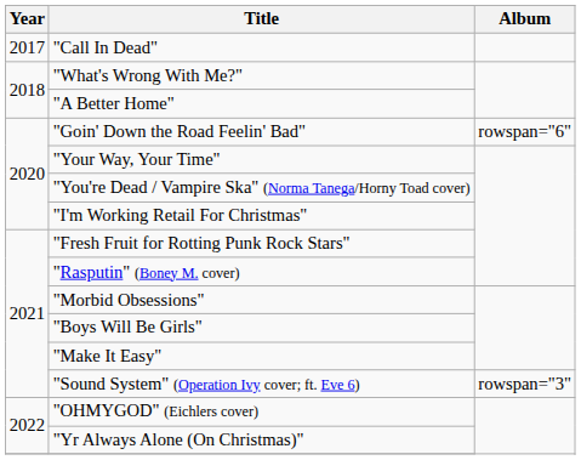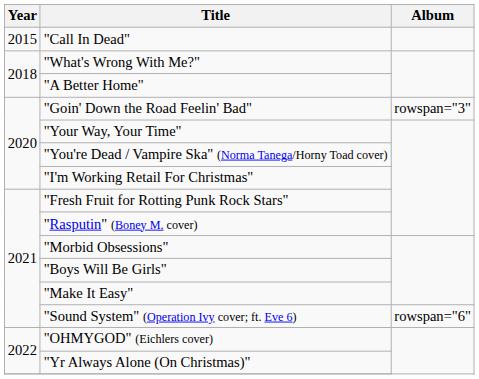 <table class="wikitable">
 <tr>
 <th>Year</th>
 <th>Title</th>
 <th>Album</th>
 </tr>
 <tr>
-<td>2017</td>
+<td>2015</td>
 <td>"Call In Dead"</td>
 <td></td>
 </tr>
 <tr>
 <td rowspan="2">2018</td>
 <td>"What's Wrong With Me?"</td>
 <td rowspan="2"></td>
 </tr>
 <tr>
 <td>"A Better Home"</td>
 </tr>
 <tr>
 <td rowspan="4">2020</td>
 <td>"Goin' Down the Road Feelin' Bad"</td>
-<td>rowspan="6" </td>
+<td>rowspan="3" </td>
 </tr>
 <tr>
 <td>"Your Way, Your Time"</td>
 </tr>
 <tr>
 <td>"You're Dead / Vampire Ska" <small>(<a href='#'>Norma Tanega</a>/Horny Toad cover)</small></td>
 </tr>
 <tr>
 <td>"I'm Working Retail For Christmas"</td>
 </tr>
 <tr>
 <td rowspan="6">2021</td>
 <td>"Fresh Fruit for Rotting Punk Rock Stars"</td>
 </tr>
 <tr>
 <td>"<a href='#'>Rasputin</a>" <small>(<a href='#'>Boney M.</a> cover)</small></td>
 </tr>
 <tr>
 <td>"Morbid Obsessions"</td>
 <td rowspan="3"></td>
 </tr>
 <tr>
 <td>"Boys Will Be Girls"</td>
 </tr>
 <tr>
 <td>"Make It Easy"</td>
 </tr>
 <tr>
 <td>"Sound System" <small>(<a href='#'>Operation Ivy</a> cover; ft. <a href='#'>Eve 6</a>)</small></td>
-<td>rowspan="3" </td>
+<td>rowspan="6" </td>
 </tr>
 <tr>
 <td rowspan="2">2022</td>
 <td>"OHMYGOD" <small>(Eichlers cover)</small></td>
 </tr>
 <tr>
 <td>"Yr Always Alone (On Christmas)"</td>
 </tr>
 <tr>
 </tr>
 </table>
